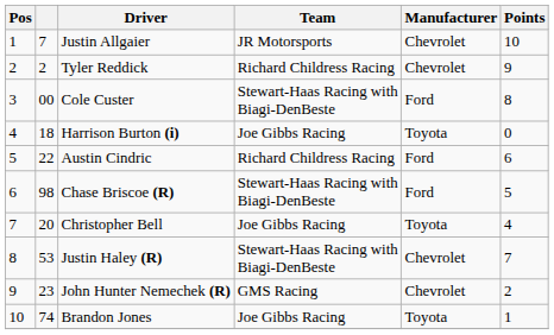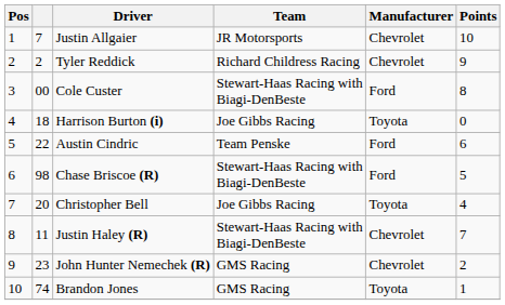 <table class="wikitable" style="font-size:98%">
 <tr>
 <th>Pos</th>
 <th></th>
 <th>Driver</th>
 <th>Team</th>
 <th>Manufacturer</th>
 <th>Points</th>
 </tr>
 <tr>
 <td>1</td>
 <td>7</td>
 <td>Justin Allgaier</td>
 <td>JR Motorsports</td>
 <td>Chevrolet</td>
 <td>10</td>
 </tr>
 <tr>
 <td>2</td>
 <td>2</td>
 <td>Tyler Reddick</td>
 <td>Richard Childress Racing</td>
 <td>Chevrolet</td>
 <td>9</td>
 </tr>
 <tr>
 <td>3</td>
 <td>00</td>
 <td>Cole Custer</td>
 <td>Stewart-Haas Racing with<br>Biagi-DenBeste</td>
 <td>Ford</td>
 <td>8</td>
 </tr>
 <tr>
 <td>4</td>
 <td>18</td>
 <td>Harrison Burton <strong>(i)</strong></td>
 <td>Joe Gibbs Racing</td>
 <td>Toyota</td>
 <td>0</td>
 </tr>
 <tr>
 <td>5</td>
 <td>22</td>
 <td>Austin Cindric</td>
-<td>Richard Childress Racing</td>
+<td>Team Penske</td>
 <td>Ford</td>
 <td>6</td>
 </tr>
 <tr>
 <td>6</td>
 <td>98</td>
 <td>Chase Briscoe <strong>(R)</strong></td>
 <td>Stewart-Haas Racing with<br>Biagi-DenBeste</td>
 <td>Ford</td>
 <td>5</td>
 </tr>
 <tr>
 <td>7</td>
 <td>20</td>
 <td>Christopher Bell</td>
 <td>Joe Gibbs Racing</td>
 <td>Toyota</td>
 <td>4</td>
 </tr>
 <tr>
 <td>8</td>
-<td>53</td>
+<td>11</td>
 <td>Justin Haley <strong>(R)</strong></td>
 <td>Stewart-Haas Racing with<br>Biagi-DenBeste</td>
 <td>Chevrolet</td>
 <td>7</td>
 </tr>
 <tr>
 <td>9</td>
 <td>23</td>
 <td>John Hunter Nemechek <strong>(R)</strong></td>
 <td>GMS Racing</td>
 <td>Chevrolet</td>
 <td>2</td>
 </tr>
 <tr>
 <td>10</td>
 <td>74</td>
 <td>Brandon Jones</td>
-<td>Joe Gibbs Racing</td>
+<td>GMS Racing</td>
 <td>Toyota</td>
 <td>1</td>
 </tr>
 <tr>
 </tr>
 </table>
